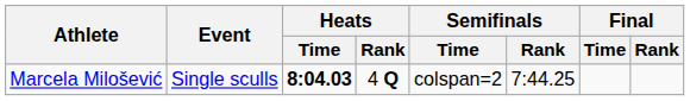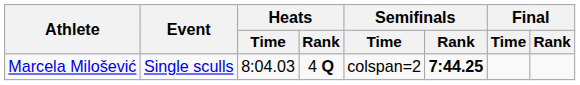 <table class=wikitable style="font-size:90%;">
 <tr>
 <th rowspan=2>Athlete</th>
 <th rowspan=2>Event</th>
 <th colspan=2>Heats</th>
 <th colspan=2>Semifinals</th>
 <th colspan=2>Final</th>
 </tr>
 <tr style="font-size:95%">
 <th>Time</th>
 <th>Rank</th>
 <th>Time</th>
 <th>Rank</th>
 <th>Time</th>
 <th>Rank</th>
 </tr>
 <tr align=center>
 <td align=left><a href='#'>Marcela Milošević</a></td>
 <td align=left><a href='#'>Single sculls</a></td>
-<td><strong>8:04.03</strong></td>
+<td>8:04.03</td>
 <td>4 <strong>Q</strong></td>
 <td>colspan=2 </td>
-<td>7:44.25</td>
+<td><strong>7:44.25</strong></td>
 <td></td>
 </tr>
 </table>
